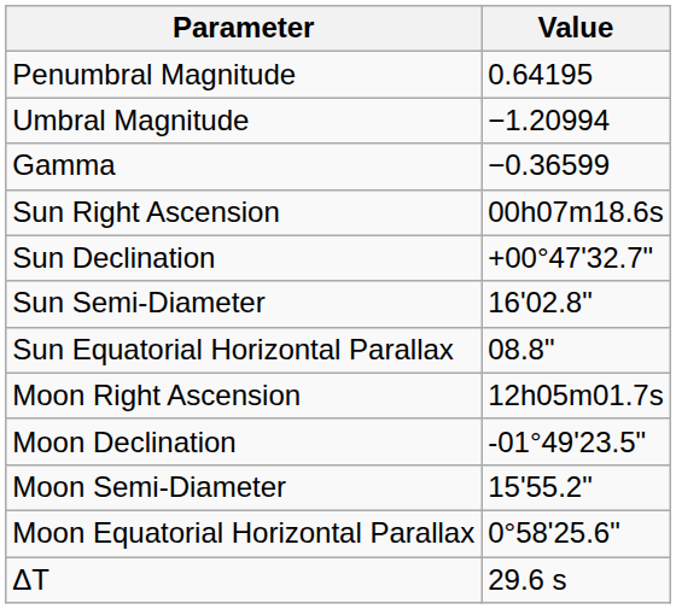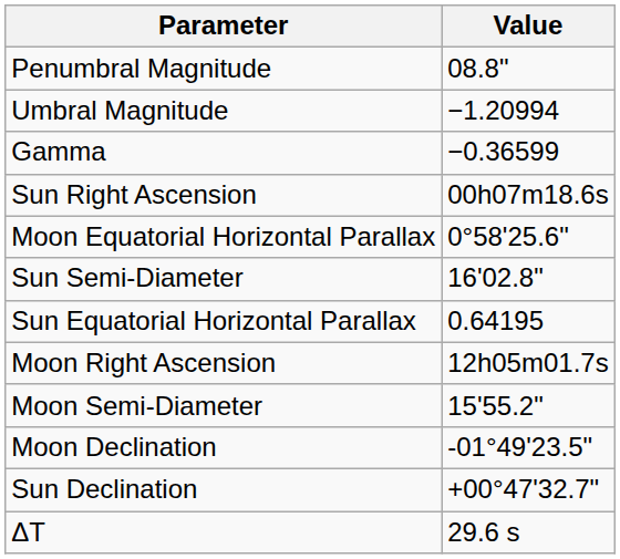 <table class="wikitable">
 <tr>
 <th>Parameter</th>
 <th>Value</th>
 </tr>
 <tr>
 <td>Penumbral Magnitude</td>
-<td>0.64195</td>
+<td>08.8"</td>
 </tr>
 <tr>
 <td>Umbral Magnitude</td>
 <td>−1.20994</td>
 </tr>
 <tr>
 <td>Gamma</td>
 <td>−0.36599</td>
 </tr>
 <tr>
 <td>Sun Right Ascension</td>
 <td>00h07m18.6s</td>
 </tr>
 <tr>
-<td>Sun Declination</td>
-<td>+00°47'32.7"</td>
+<td>Moon Equatorial Horizontal Parallax</td>
+<td>0°58'25.6"</td>
 </tr>
 <tr>
 <td>Sun Semi-Diameter</td>
 <td>16'02.8"</td>
 </tr>
 <tr>
 <td>Sun Equatorial Horizontal Parallax</td>
-<td>08.8"</td>
+<td>0.64195</td>
 </tr>
 <tr>
 <td>Moon Right Ascension</td>
 <td>12h05m01.7s</td>
 </tr>
 <tr>
+<td>Moon Semi-Diameter</td>
+<td>15'55.2"</td>
+</tr>
+<tr>
 <td>Moon Declination</td>
 <td>-01°49'23.5"</td>
 </tr>
 <tr>
-<td>Moon Semi-Diameter</td>
-<td>15'55.2"</td>
-</tr>
-<tr>
-<td>Moon Equatorial Horizontal Parallax</td>
-<td>0°58'25.6"</td>
+<td>Sun Declination</td>
+<td>+00°47'32.7"</td>
 </tr>
 <tr>
 <td>ΔT</td>
 <td>29.6 s</td>
 </tr>
 </table>
